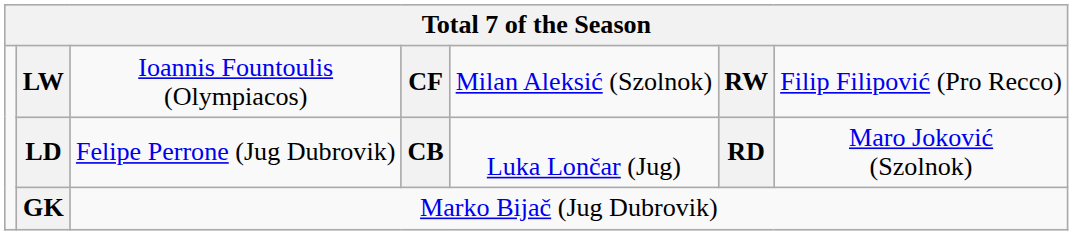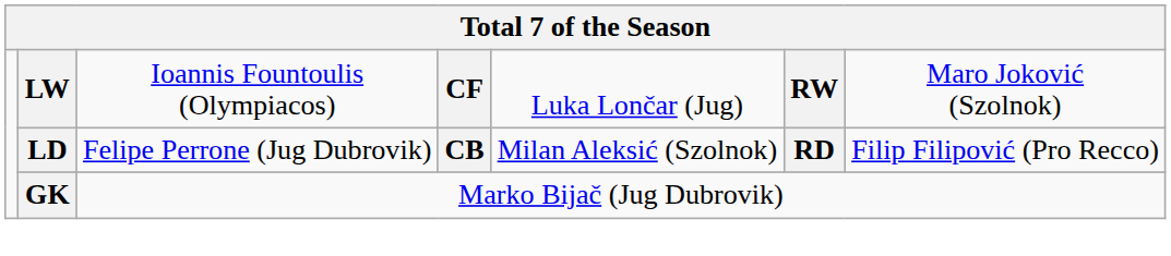 <table class="wikitable" style="text-align:center">
 <tr>
 <th colspan="7">Total 7 of the Season</th>
 </tr>
 <tr>
 <td rowspan="3"></td>
 <th>LW</th>
 <td> <a href='#'>Ioannis Fountoulis</a><br>(Olympiacos)</td>
 <th>CF</th>
-<td> <a href='#'>Milan Aleksić</a> (Szolnok)</td>
+<td><br><a href='#'>Luka Lončar</a> (Jug)</td>
 <th>RW</th>
-<td> <a href='#'>Filip Filipović</a> (Pro Recco)</td>
+<td> <a href='#'>Maro Joković</a><br>(Szolnok)</td>
 </tr>
 <tr>
 <th>LD</th>
 <td> <a href='#'>Felipe Perrone</a> (Jug Dubrovik)</td>
 <th>CB</th>
-<td><br><a href='#'>Luka Lončar</a> (Jug)</td>
+<td> <a href='#'>Milan Aleksić</a> (Szolnok)</td>
 <th>RD</th>
-<td> <a href='#'>Maro Joković</a><br>(Szolnok)</td>
+<td> <a href='#'>Filip Filipović</a> (Pro Recco)</td>
 </tr>
 <tr>
 <th>GK</th>
 <td colspan="5"> <a href='#'>Marko Bijač</a> (Jug Dubrovik)</td>
 </tr>
 </table>
